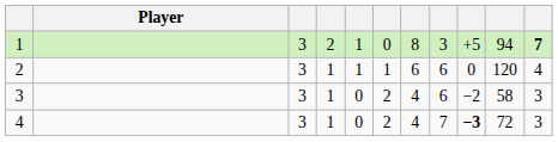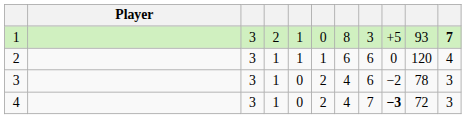 <table class="wikitable" style="text-align:center; margin: 1em auto 1em auto, align:left">
 <tr>
 <th width=20></th>
 <th width=240>Player</th>
 <th width=20></th>
 <th width=20></th>
 <th width=20></th>
 <th width=20></th>
 <th width=20></th>
 <th width=20></th>
 <th width=20></th>
 <th width=30></th>
 <th width=20></th>
 </tr>
 <tr style="background:#D0F0C0;">
 <td>1</td>
 <td align=left></td>
 <td>3</td>
 <td>2</td>
 <td>1</td>
 <td>0</td>
 <td>8</td>
 <td>3</td>
 <td>+5</td>
-<td>94</td>
+<td>93</td>
 <td><strong>7</strong></td>
 </tr>
 <tr style=>
 <td>2</td>
 <td align=left></td>
 <td>3</td>
 <td>1</td>
 <td>1</td>
 <td>1</td>
 <td>6</td>
 <td>6</td>
 <td>0</td>
 <td>120</td>
 <td>4</td>
 </tr>
 <tr style=>
 <td>3</td>
 <td align=left></td>
 <td>3</td>
 <td>1</td>
 <td>0</td>
 <td>2</td>
 <td>4</td>
 <td>6</td>
 <td>−2</td>
-<td>58</td>
+<td>78</td>
 <td>3</td>
 </tr>
 <tr style=>
 <td>4</td>
 <td align=left></td>
 <td>3</td>
 <td>1</td>
 <td>0</td>
 <td>2</td>
 <td>4</td>
 <td>7</td>
 <td><strong>−3</strong></td>
 <td>72</td>
 <td>3</td>
 </tr>
 </table>
